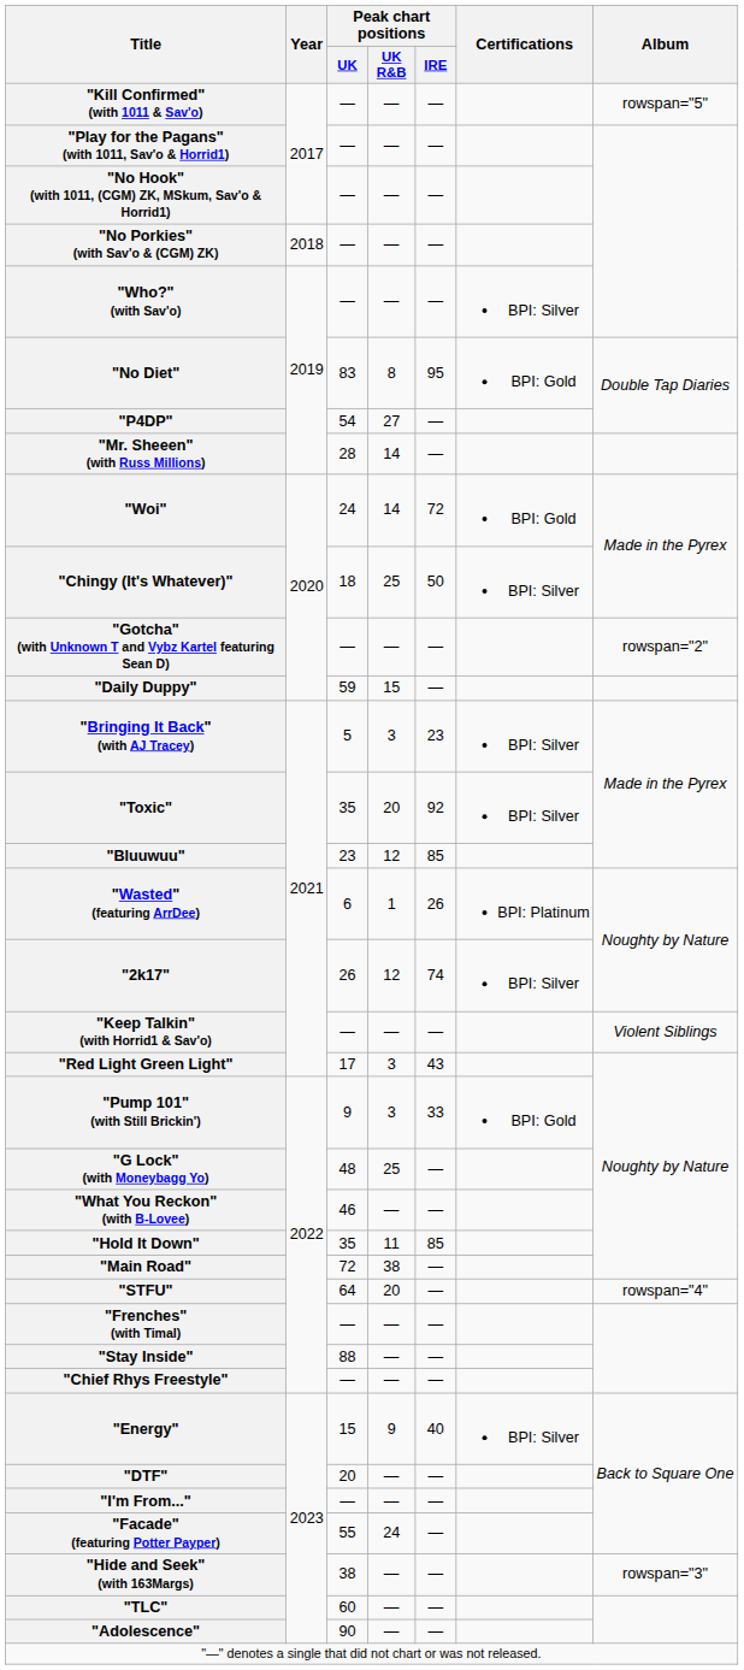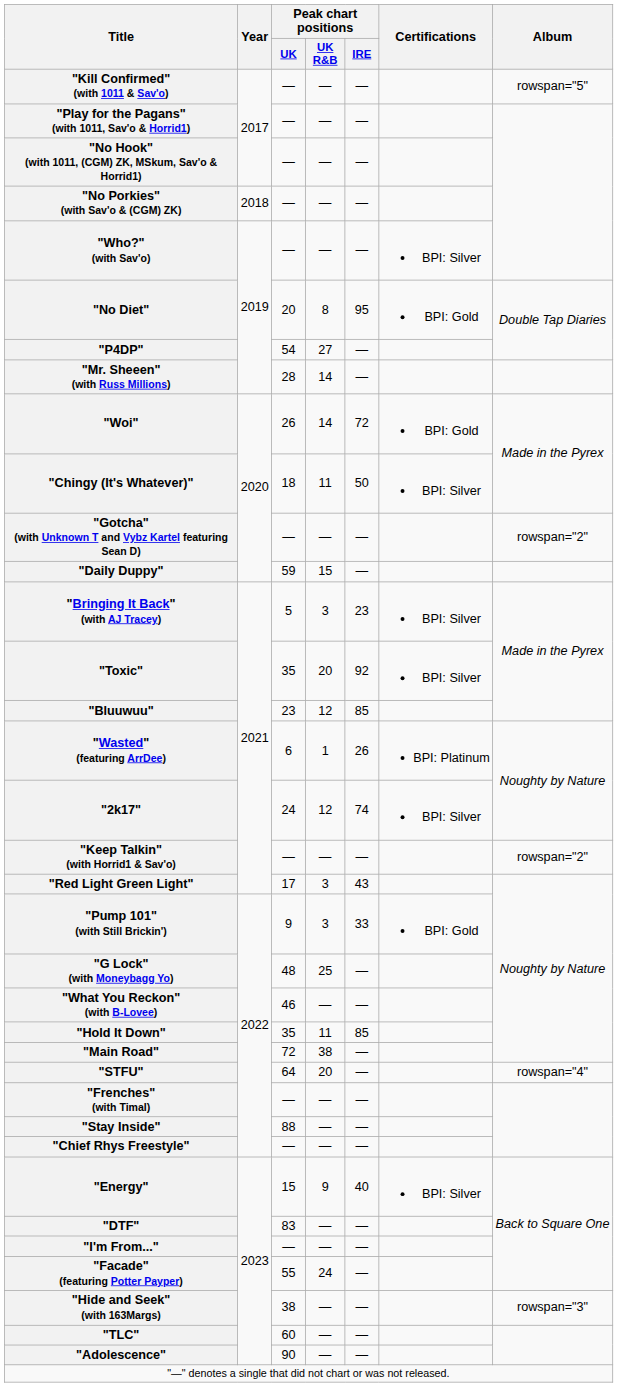 <table class="wikitable plainrowheaders" style="text-align:center;">
 <tr>
 <th scope="col" rowspan="2" style="width:18em;">Title</th>
 <th scope="col" rowspan="2" style="width:1em;">Year</th>
 <th scope="col" colspan="3">Peak chart positions</th>
 <th scope="col" rowspan="2">Certifications</th>
 <th scope="col" rowspan="2">Album</th>
 </tr>
 <tr>
 <th scope="col" style="width:2.5em;font-size:90%;"><a href='#'>UK</a><br></th>
 <th scope="col" style="width:3em;font-size:90%;"><a href='#'>UK<br>R&B</a><br></th>
 <th scope="col" style="width:2.5em;font-size:90%;"><a href='#'>IRE</a><br></th>
 </tr>
 <tr>
 <th scope="row">"Kill Confirmed"<br><small>(with <a href='#'>1011</a> & <a href='#'>Sav'o</a>)</small></th>
 <td rowspan="3">2017</td>
 <td>—</td>
 <td>—</td>
 <td>—</td>
 <td></td>
 <td>rowspan="5" </td>
 </tr>
 <tr>
 <th scope="row">"Play for the Pagans"<br><small>(with 1011, Sav'o & <a href='#'>Horrid1</a>)</small></th>
 <td>—</td>
 <td>—</td>
 <td>—</td>
 <td></td>
 </tr>
 <tr>
 <th scope="row">"No Hook"<br><small>(with 1011, (CGM) ZK, MSkum, Sav'o & Horrid1)</small></th>
 <td>—</td>
 <td>—</td>
 <td>—</td>
 <td></td>
 </tr>
 <tr>
 <th scope="row">"No Porkies"<br><small>(with Sav'o & (CGM) ZK)</small></th>
 <td>2018</td>
 <td>—</td>
 <td>—</td>
 <td>—</td>
 <td></td>
 </tr>
 <tr>
 <th scope="row">"Who?"<br><small>(with Sav'o)</small></th>
 <td rowspan="4">2019</td>
 <td>—</td>
 <td>—</td>
 <td>—</td>
 <td><br><ul><li>BPI: Silver</li></ul></td>
 </tr>
 <tr>
 <th scope="row">"No Diet"</th>
-<td>83</td>
+<td>20</td>
 <td>8</td>
 <td>95</td>
 <td><br><ul><li>BPI: Gold</li></ul></td>
 <td rowspan="2"><em>Double Tap Diaries</em></td>
 </tr>
 <tr>
 <th scope="row">"P4DP"</th>
 <td>54</td>
 <td>27</td>
 <td>—</td>
 <td></td>
 </tr>
 <tr>
 <th scope="row">"Mr. Sheeen"<br><small>(with <a href='#'>Russ Millions</a>)</small></th>
 <td>28</td>
 <td>14</td>
 <td>—</td>
 <td></td>
 <td></td>
 </tr>
 <tr>
 <th scope="row">"Woi"</th>
 <td rowspan="4">2020</td>
-<td>24</td>
+<td>26</td>
 <td>14</td>
 <td>72</td>
 <td><br><ul><li>BPI: Gold</li></ul></td>
 <td rowspan="2"><em>Made in the Pyrex</em></td>
 </tr>
 <tr>
 <th scope="row">"Chingy (It's Whatever)"</th>
 <td>18</td>
-<td>25</td>
+<td>11</td>
 <td>50</td>
 <td><br><ul><li>BPI: Silver</li></ul></td>
 </tr>
 <tr>
 <th scope="row">"Gotcha"<br><small>(with <a href='#'>Unknown T</a> and <a href='#'>Vybz Kartel</a> featuring Sean D)</small></th>
 <td>—</td>
 <td>—</td>
 <td>—</td>
 <td></td>
 <td>rowspan="2" </td>
 </tr>
 <tr>
 <th scope="row">"Daily Duppy"</th>
 <td>59</td>
 <td>15</td>
 <td>—</td>
 <td></td>
 </tr>
 <tr>
 <th scope="row">"<a href='#'>Bringing It Back</a>"<br><small>(with <a href='#'>AJ Tracey</a>)</small></th>
 <td rowspan="7">2021</td>
 <td>5</td>
 <td>3</td>
 <td>23</td>
 <td><br><ul><li>BPI: Silver</li></ul></td>
 <td rowspan="3"><em>Made in the Pyrex</em></td>
 </tr>
 <tr>
 <th scope="row">"Toxic"</th>
 <td>35</td>
 <td>20</td>
 <td>92</td>
 <td><br><ul><li>BPI: Silver</li></ul></td>
 </tr>
 <tr>
 <th scope="row">"Bluuwuu"</th>
 <td>23</td>
 <td>12</td>
 <td>85</td>
 <td></td>
 </tr>
 <tr>
 <th scope="row">"<a href='#'>Wasted</a>"<br><small>(featuring <a href='#'>ArrDee</a>)</small></th>
 <td>6</td>
 <td>1</td>
 <td>26</td>
 <td><br><ul><li>BPI: Platinum</li></ul></td>
 <td rowspan="2"><em>Noughty by Nature</em></td>
 </tr>
 <tr>
 <th scope="row">"2k17"</th>
-<td>26</td>
+<td>24</td>
 <td>12</td>
 <td>74</td>
 <td><br><ul><li>BPI: Silver</li></ul></td>
 </tr>
 <tr>
 <th scope="row">"Keep Talkin"<br><small>(with Horrid1 & Sav'o)</small></th>
 <td>—</td>
 <td>—</td>
 <td>—</td>
 <td></td>
-<td><em>Violent Siblings</em></td>
+<td>rowspan="2" </td>
 </tr>
 <tr>
 <th scope="row">"Red Light Green Light"</th>
 <td>17</td>
 <td>3</td>
 <td>43</td>
 <td></td>
 <td rowspan="6"><em>Noughty by Nature</em></td>
 </tr>
 <tr>
 <th scope="row">"Pump 101"<br><small>(with Still Brickin')</small></th>
 <td rowspan="9">2022</td>
 <td>9</td>
 <td>3</td>
 <td>33</td>
 <td><br><ul><li>BPI: Gold</li></ul></td>
 </tr>
 <tr>
 <th scope="row">"G Lock"<br><small>(with <a href='#'>Moneybagg Yo</a>)</small></th>
 <td>48</td>
 <td>25</td>
 <td>—</td>
 <td></td>
 </tr>
 <tr>
 <th scope="row">"What You Reckon"<br><small>(with <a href='#'>B-Lovee</a>)</small></th>
 <td>46</td>
 <td>—</td>
 <td>—</td>
 <td></td>
 </tr>
 <tr>
 <th scope="row">"Hold It Down"</th>
 <td>35</td>
 <td>11</td>
 <td>85</td>
 <td></td>
 </tr>
 <tr>
 <th scope="row">"Main Road"</th>
 <td>72</td>
 <td>38</td>
 <td>—</td>
 <td></td>
 </tr>
 <tr>
 <th scope="row">"STFU"</th>
 <td>64</td>
 <td>20</td>
 <td>—</td>
 <td></td>
 <td>rowspan="4" </td>
 </tr>
 <tr>
 <th scope="row">"Frenches"<br><small>(with Timal)</small></th>
 <td>—</td>
 <td>—</td>
 <td>—</td>
 <td></td>
 </tr>
 <tr>
 <th scope="row">"Stay Inside"</th>
 <td>88</td>
 <td>—</td>
 <td>—</td>
 <td></td>
 </tr>
 <tr>
 <th scope="row">"Chief Rhys Freestyle"</th>
 <td>—</td>
 <td>—</td>
 <td>—</td>
 <td></td>
 </tr>
 <tr>
 <th scope="row">"Energy"</th>
 <td rowspan="7">2023</td>
 <td>15</td>
 <td>9</td>
 <td>40<br></td>
 <td><br><ul><li>BPI: Silver</li></ul></td>
 <td rowspan="4"><em>Back to Square One</em></td>
 </tr>
 <tr>
 <th scope="row">"DTF"</th>
-<td>20</td>
+<td>83</td>
 <td>—</td>
 <td>—</td>
 <td></td>
 </tr>
 <tr>
 <th scope="row">"I'm From..."</th>
 <td>—</td>
 <td>—</td>
 <td>—</td>
 <td></td>
 </tr>
 <tr>
 <th scope="row">"Facade"<br><small>(featuring <a href='#'>Potter Payper</a>)</small></th>
 <td>55</td>
 <td>24</td>
 <td>—</td>
 <td></td>
 </tr>
 <tr>
 <th scope="row">"Hide and Seek"<br><small>(with 163Margs)</small></th>
 <td>38</td>
 <td>—</td>
 <td>—</td>
 <td></td>
 <td>rowspan="3" </td>
 </tr>
 <tr>
 <th scope="row">"TLC"</th>
 <td>60</td>
 <td>—</td>
 <td>—</td>
 <td></td>
 </tr>
 <tr>
 <th scope="row">"Adolescence"<br></th>
 <td>90</td>
 <td>—</td>
 <td>—</td>
 <td></td>
 </tr>
 <tr>
 <td style="font-size:85%;" colspan="22">"—" denotes a single that did not chart or was not released.</td>
 </tr>
 </table>
